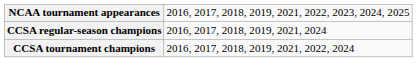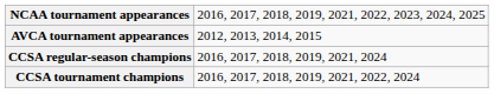 <table class="wikitable">
 <tr>
 <th>NCAA tournament appearances</th>
 <td>2016, 2017, 2018, 2019, 2021, 2022, 2023, 2024, 2025</td>
+</tr>
+<tr>
+<th>AVCA tournament appearances</th>
+<td>2012, 2013, 2014, 2015</td>
 </tr>
 <tr>
 <th>CCSA regular-season champions</th>
 <td>2016, 2017, 2018, 2019, 2021, 2024</td>
 </tr>
 <tr>
 <th>CCSA tournament champions</th>
 <td>2016, 2017, 2018, 2019, 2021, 2022, 2024</td>
 </tr>
 </table>
